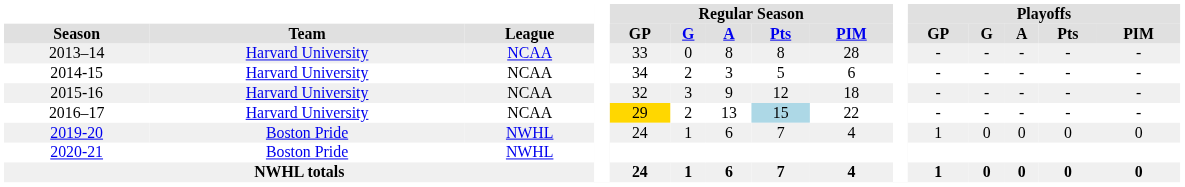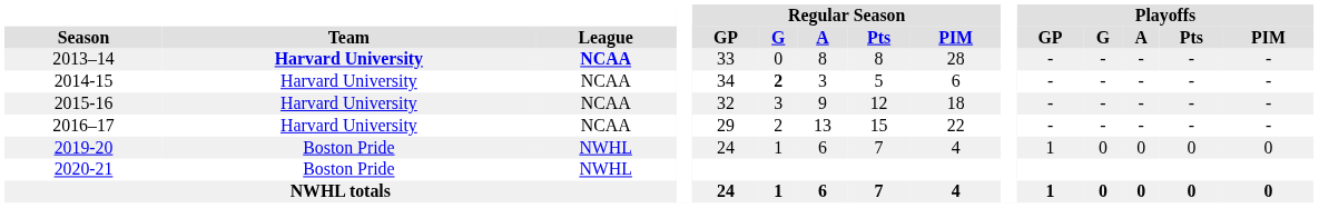 <table border="0" cellpadding="1" cellspacing="0" style="text-align:center; width:75%">
 <tr bgcolor="#e0e0e0">
 <th colspan="3"  bgcolor="#ffffff"> </th>
 <th rowspan="99" bgcolor="#ffffff"> </th>
 <th colspan="5">Regular Season</th>
 <th rowspan="99" bgcolor="#ffffff"> </th>
 <th colspan="5">Playoffs</th>
 </tr>
 <tr bgcolor="#e0e0e0">
 <th>Season</th>
 <th>Team</th>
 <th>League</th>
 <th>GP</th>
 <th><a href='#'>G</a></th>
 <th><a href='#'>A</a></th>
 <th><a href='#'>Pts</a></th>
 <th><a href='#'>PIM</a></th>
 <th>GP</th>
 <th>G</th>
 <th>A</th>
 <th>Pts</th>
 <th>PIM</th>
 </tr>
 <tr>
 </tr>
 <tr bgcolor="#f0f0f0">
 <td>2013–14</td>
-<td><a href='#'>Harvard University</a></td>
-<td><a href='#'>NCAA</a></td>
+<td><strong><a href='#'>Harvard University</a></strong></td>
+<td><strong><a href='#'>NCAA</a></strong></td>
 <td>33</td>
 <td>0</td>
 <td>8</td>
 <td>8</td>
 <td>28</td>
 <td>-</td>
 <td>-</td>
 <td>-</td>
 <td>-</td>
 <td>-</td>
 </tr>
 <tr>
 <td>2014-15</td>
 <td><a href='#'>Harvard University</a></td>
 <td>NCAA</td>
 <td>34</td>
-<td>2</td>
+<td><strong>2</strong></td>
 <td>3</td>
 <td>5</td>
 <td>6</td>
 <td>-</td>
 <td>-</td>
 <td>-</td>
 <td>-</td>
 <td>-</td>
 </tr>
 <tr bgcolor="#f0f0f0">
 <td>2015-16</td>
 <td><a href='#'>Harvard University</a></td>
 <td>NCAA</td>
 <td>32</td>
 <td>3</td>
 <td>9</td>
 <td>12</td>
 <td>18</td>
 <td>-</td>
 <td>-</td>
 <td>-</td>
 <td>-</td>
 <td>-</td>
 </tr>
 <tr>
 <td>2016–17</td>
 <td><a href='#'>Harvard University</a></td>
 <td>NCAA</td>
-<td style="background: gold;">29</td>
+<td>29</td>
 <td>2</td>
 <td>13</td>
-<td style="background: lightblue;">15</td>
+<td>15</td>
 <td>22</td>
 <td>-</td>
 <td>-</td>
 <td>-</td>
 <td>-</td>
 <td>-</td>
 </tr>
 <tr bgcolor="#f0f0f0">
 <td><a href='#'>2019-20</a></td>
 <td><a href='#'>Boston Pride</a></td>
 <td><a href='#'>NWHL</a></td>
 <td>24</td>
 <td>1</td>
 <td>6</td>
 <td>7</td>
 <td>4</td>
 <td>1</td>
 <td>0</td>
 <td>0</td>
 <td>0</td>
 <td>0</td>
 </tr>
 <tr>
 <td><a href='#'>2020-21</a></td>
 <td><a href='#'>Boston Pride</a></td>
 <td><a href='#'>NWHL</a></td>
 <td></td>
 <td></td>
 <td></td>
 <td></td>
 <td></td>
 <td></td>
 <td></td>
 <td></td>
 <td></td>
 <td></td>
 </tr>
 <tr bgcolor="#f0f0f0">
 <th colspan="3">NWHL totals</th>
 <th>24</th>
 <th>1</th>
 <th>6</th>
 <th>7</th>
 <th>4</th>
 <th>1</th>
 <th>0</th>
 <th>0</th>
 <th>0</th>
 <th>0</th>
 </tr>
 </table>
